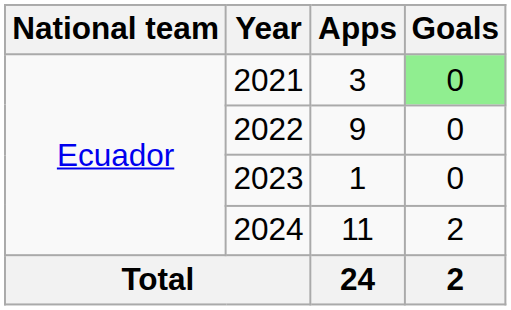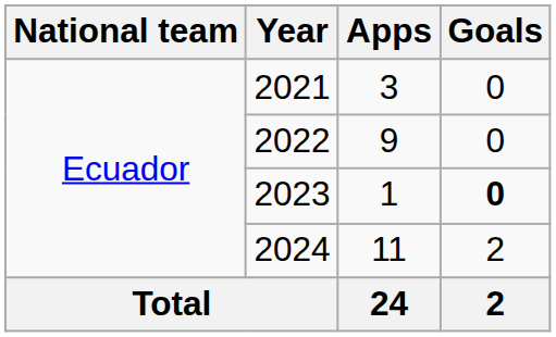 <table class="wikitable" style="text-align:center">
 <tr>
 <th>National team</th>
 <th>Year</th>
 <th>Apps</th>
 <th>Goals</th>
 </tr>
 <tr>
 <td rowspan="4"><a href='#'>Ecuador</a></td>
 <td>2021</td>
 <td>3</td>
-<td style="background: lightgreen;">0</td>
+<td>0</td>
 </tr>
 <tr>
 <td>2022</td>
 <td>9</td>
 <td>0</td>
 </tr>
 <tr>
 <td>2023</td>
 <td>1</td>
-<td>0</td>
+<td><strong>0</strong></td>
 </tr>
 <tr>
 <td>2024</td>
 <td>11</td>
 <td>2</td>
 </tr>
 <tr>
 <th colspan="2">Total</th>
 <th>24</th>
 <th>2</th>
 </tr>
 </table>
